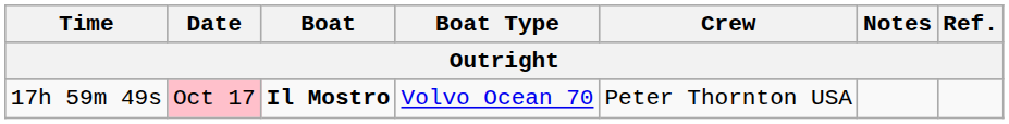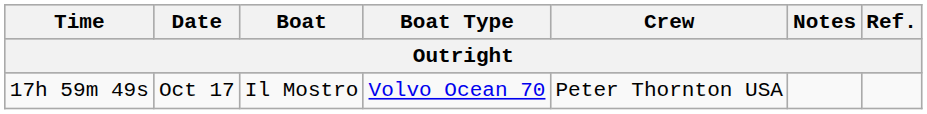 <table class="wikitable sortable">
 <tr>
 <th>Time</th>
 <th>Date</th>
 <th>Boat</th>
 <th>Boat Type</th>
 <th>Crew</th>
 <th>Notes</th>
 <th>Ref.</th>
 </tr>
 <tr>
 <th colspan=7>Outright</th>
 </tr>
 <tr>
 <td>17h 59m 49s</td>
-<td style="background: pink;">Oct 17</td>
-<td><strong>Il Mostro</strong></td>
+<td>Oct 17</td>
+<td>Il Mostro</td>
 <td><a href='#'>Volvo Ocean 70</a></td>
 <td>Peter Thornton	   USA</td>
 <td></td>
 <td></td>
 </tr>
 </table>
